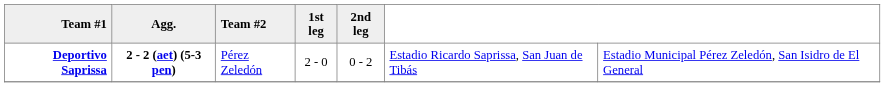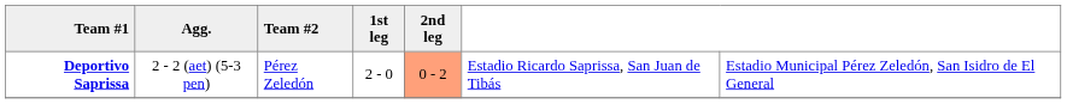 <table border=1 cellspacing=0 cellpadding=6 style="border-collapse: collapse;" width=70%>
 <tr bgcolor="efefef">
 <th align=right>Team #1</th>
 <th>Agg.</th>
 <th align=left>Team #2</th>
 <th>1st leg</th>
 <th>2nd leg</th>
 </tr>
 <tr>
 <td align=right><strong><a href='#'>Deportivo Saprissa</a></strong> </td>
-<td align=center><strong>2 - 2 (<a href='#'>aet</a>) (5-3 <a href='#'>pen</a>)</strong></td>
+<td align=center>2 - 2 (<a href='#'>aet</a>) (5-3 <a href='#'>pen</a>)</td>
 <td> <a href='#'>Pérez Zeledón</a></td>
 <td align=center>2 - 0</td>
-<td align=center>0 - 2</td>
+<td align=center style="background: lightsalmon;">0 - 2</td>
 <td><a href='#'>Estadio Ricardo Saprissa</a>, <a href='#'> San Juan de Tibás</a></td>
 <td><a href='#'>Estadio Municipal Pérez Zeledón</a>, <a href='#'>San Isidro de El General</a></td>
 </tr>
 <tr>
 </tr>
 </table>
